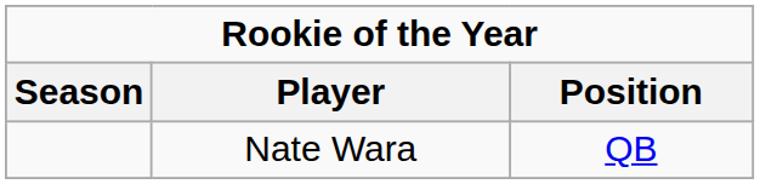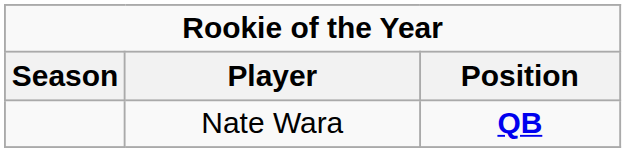 <table class="wikitable sortable" style="text-align:center">
 <tr>
 <td colspan="4"><strong>Rookie of the Year</strong></td>
 </tr>
 <tr>
 <th style="width:50px; ">Season</th>
 <th style="width:150px; ">Player</th>
 <th style="width:100px; ">Position</th>
 </tr>
 <tr>
 <td></td>
 <td>Nate Wara</td>
-<td><a href='#'>QB</a></td>
+<td><strong><a href='#'>QB</a></strong></td>
 </tr>
 </table>
